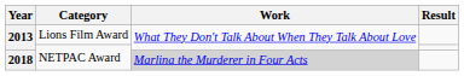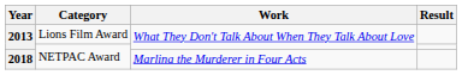 <table class="wikitable plainrowheaders sortable">
 <tr>
 <th>Year</th>
 <th>Category</th>
 <th>Work</th>
 <th>Result</th>
 </tr>
 <tr>
 <th rowspan="2">2013</th>
 <td>Lions Film Award</td>
 <td rowspan="2"><em><a href='#'>What They Don't Talk About When They Talk About Love</a></em></td>
 <td></td>
 </tr>
 <tr>
 <td rowspan="2">NETPAC Award</td>
 <td></td>
 </tr>
 <tr>
 <th>2018</th>
-<td style="background: lightgrey;"><em><a href='#'>Marlina the Murderer in Four Acts</a></em></td>
+<td><em><a href='#'>Marlina the Murderer in Four Acts</a></em></td>
 <td></td>
 </tr>
 </table>
